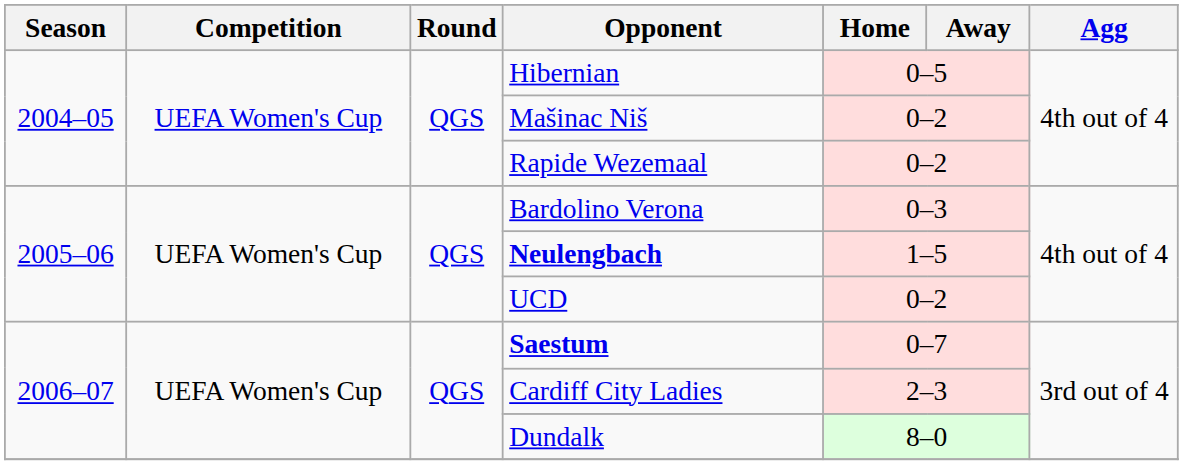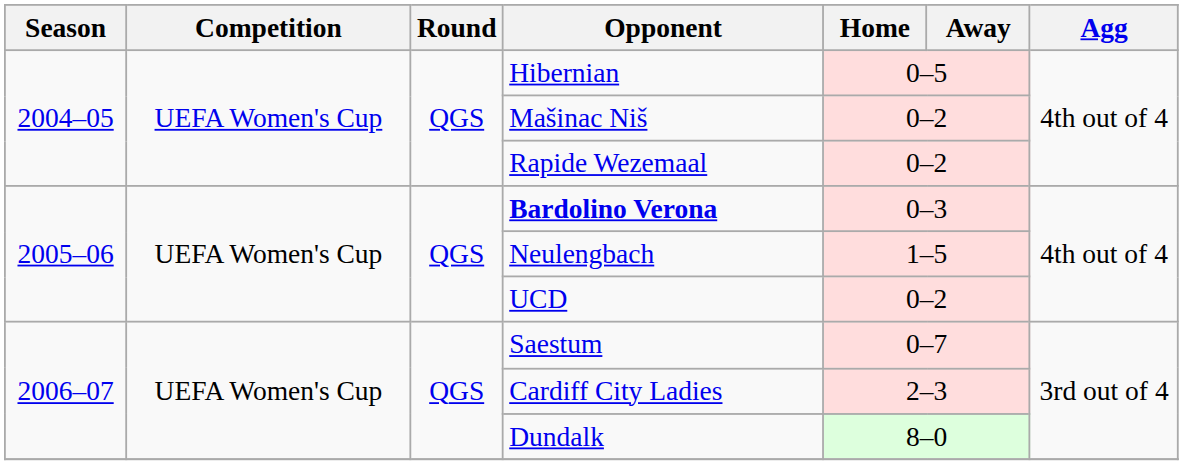 <table class="wikitable" style="font-size:95%; text-align: center;">
 <tr>
 <th width="60">Season</th>
 <th width="150">Competition</th>
 <th width="30">Round</th>
 <th width="170">Opponent</th>
 <th width="50">Home</th>
 <th width="50">Away</th>
 <th width="75"><a href='#'>Agg</a></th>
 </tr>
 <tr>
 <td rowspan="3"><a href='#'>2004–05</a></td>
 <td rowspan="3"><a href='#'>UEFA Women's Cup</a></td>
 <td rowspan="3"><a href='#'>QGS</a></td>
 <td align="left"> <a href='#'>Hibernian</a></td>
 <td colspan="2" bgcolor="#ffdddd">0–5</td>
 <td rowspan="3">4th out of 4</td>
 </tr>
 <tr>
 <td align="left"> <a href='#'>Mašinac Niš</a></td>
 <td colspan="2" bgcolor="#ffdddd">0–2</td>
 </tr>
 <tr>
 <td align="left"> <a href='#'>Rapide Wezemaal</a></td>
 <td colspan="2" bgcolor="#ffdddd">0–2</td>
 </tr>
 <tr>
 <td rowspan="3"><a href='#'>2005–06</a></td>
 <td rowspan="3">UEFA Women's Cup</td>
 <td rowspan="3"><a href='#'>QGS</a></td>
-<td align="left"> <a href='#'>Bardolino Verona</a></td>
+<td align="left"><strong> <a href='#'>Bardolino Verona</a></strong></td>
 <td colspan="2" bgcolor="#ffdddd">0–3</td>
 <td rowspan="3">4th out of 4</td>
 </tr>
 <tr>
-<td align="left"><strong> <a href='#'>Neulengbach</a></strong></td>
+<td align="left"> <a href='#'>Neulengbach</a></td>
 <td colspan="2" bgcolor="#ffdddd">1–5</td>
 </tr>
 <tr>
 <td align="left"> <a href='#'>UCD</a></td>
 <td colspan="2" bgcolor="#ffdddd">0–2</td>
 </tr>
 <tr>
 <td rowspan="3"><a href='#'>2006–07</a></td>
 <td rowspan="3">UEFA Women's Cup</td>
 <td rowspan="3"><a href='#'>QGS</a></td>
-<td align="left"><strong> <a href='#'>Saestum</a></strong></td>
+<td align="left"> <a href='#'>Saestum</a></td>
 <td colspan="2" bgcolor="#ffdddd">0–7</td>
 <td rowspan="3">3rd out of 4</td>
 </tr>
 <tr>
 <td align="left"> <a href='#'>Cardiff City Ladies</a></td>
 <td colspan="2" bgcolor="#ffdddd">2–3</td>
 </tr>
 <tr>
 <td align="left"> <a href='#'>Dundalk</a></td>
 <td colspan="2" bgcolor="#ddffdd">8–0</td>
 </tr>
 <tr>
 </tr>
 </table>
